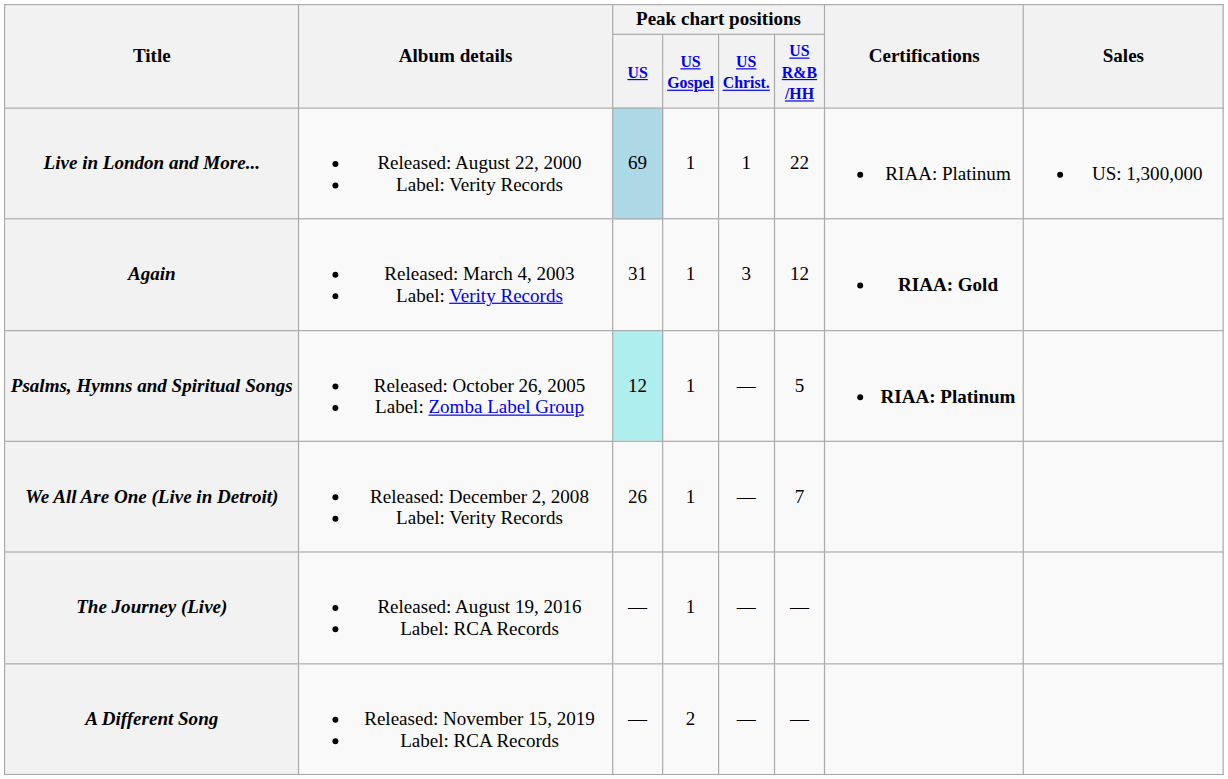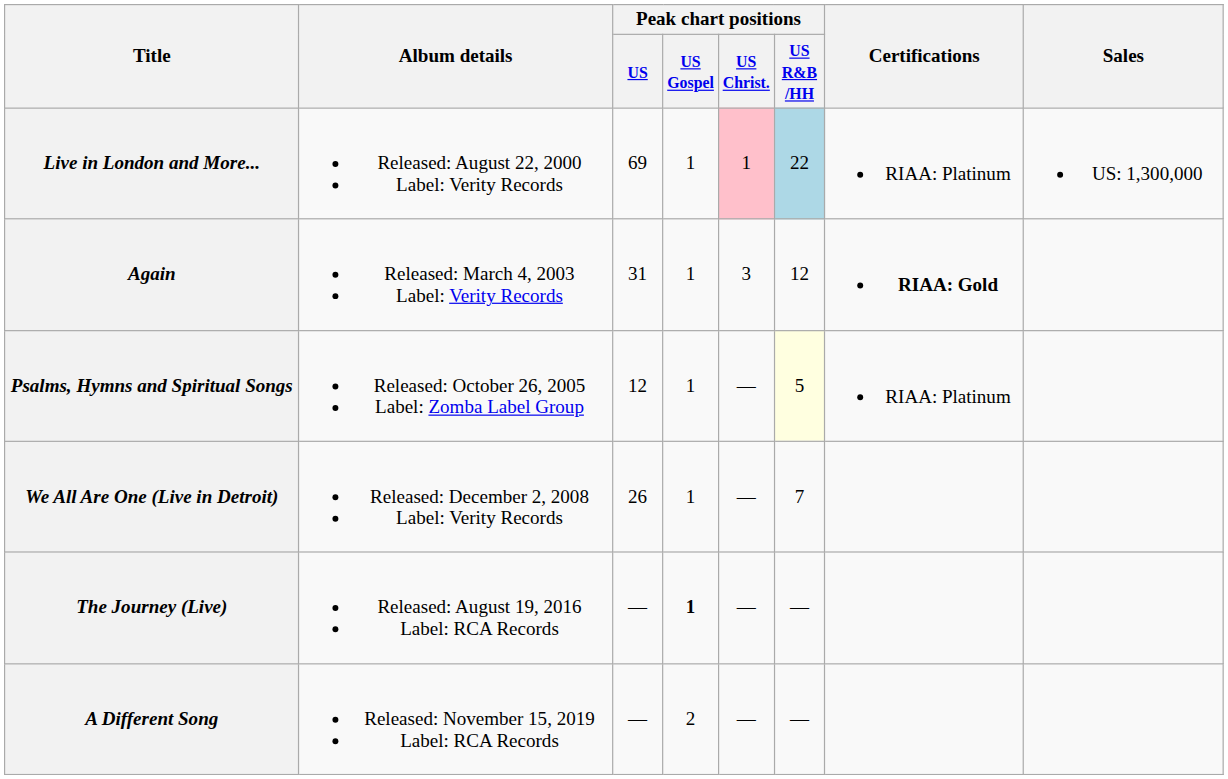 <table class="wikitable plainrowheaders" style="text-align:center;" border="1">
 <tr>
 <th scope="col" rowspan="2" style="width:15em;">Title</th>
 <th scope="col" rowspan="2" style="width:16em;">Album details</th>
 <th scope="col" colspan="4">Peak chart positions</th>
 <th scope="col" rowspan="2" style="width:10em;">Certifications</th>
 <th scope="col" rowspan="2" style="width:10em;">Sales</th>
 </tr>
 <tr>
 <th style="width:35px;"><small><a href='#'>US</a></small><br></th>
 <th style="width:35px;"><small><a href='#'>US Gospel</a></small><br></th>
 <th style="width:35px;"><small><a href='#'>US Christ.</a></small><br></th>
 <th style="width:35px;"><small><a href='#'>US<br>R&B<br>/HH</a></small><br></th>
 </tr>
 <tr>
 <th scope="row"><em>Live in London and More...</em></th>
 <td><br><ul><li>Released: August 22, 2000</li><li>Label: Verity Records</li></ul></td>
-<td style="background: lightblue;">69</td>
+<td>69</td>
 <td>1</td>
-<td>1</td>
-<td>22</td>
+<td style="background: pink;">1</td>
+<td style="background: lightblue;">22</td>
 <td><br><ul><li>RIAA: Platinum</li></ul></td>
 <td><br><ul><li>US: 1,300,000</li></ul></td>
 </tr>
 <tr>
 <th scope="row"><em>Again</em></th>
 <td><br><ul><li>Released: March 4, 2003</li><li>Label: <a href='#'>Verity Records</a></li></ul></td>
 <td>31</td>
 <td>1</td>
 <td>3</td>
 <td>12</td>
 <td><strong><br><ul><li>RIAA: Gold</li></ul></strong></td>
 <td></td>
 </tr>
 <tr>
 <th scope="row"><em>Psalms, Hymns and Spiritual Songs</em></th>
 <td><br><ul><li>Released: October 26, 2005</li><li>Label: <a href='#'>Zomba Label Group</a></li></ul></td>
-<td style="background: paleturquoise;">12</td>
+<td>12</td>
 <td>1</td>
 <td>—</td>
-<td>5</td>
-<td><strong><br><ul><li>RIAA: Platinum</li></ul></strong></td>
+<td style="background: lightyellow;">5</td>
+<td><br><ul><li>RIAA: Platinum</li></ul></td>
 <td></td>
 </tr>
 <tr>
 <th scope="row"><em>We All Are One (Live in Detroit)</em></th>
 <td><br><ul><li>Released: December 2, 2008</li><li>Label: Verity Records</li></ul></td>
 <td>26</td>
 <td>1</td>
 <td>—</td>
 <td>7</td>
 <td></td>
 </tr>
 <tr>
 <th scope="row"><em>The Journey (Live)</em></th>
 <td><br><ul><li>Released: August 19, 2016</li><li>Label: RCA Records</li></ul></td>
 <td>—</td>
-<td>1</td>
+<td><strong>1</strong></td>
 <td>—</td>
 <td>—</td>
 <td></td>
 <td></td>
 </tr>
 <tr>
 <th scope="row"><em>A Different Song</em></th>
 <td><br><ul><li>Released: November 15, 2019</li><li>Label: RCA Records</li></ul></td>
 <td>—</td>
 <td>2</td>
 <td>—</td>
 <td>—</td>
 <td></td>
 <td></td>
 </tr>
 </table>
